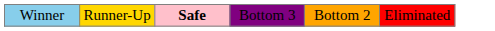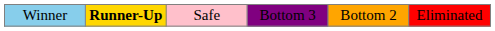 <table border="2" cellpadding="2" style="background:gray; border:1px solid gray; border-collapse:collapse; margin:0 1em 1em 0; text-align:center">
 <tr>
 </tr>
 <tr>
 <td style="background:skyblue;" width="16%">Winner</td>
-<td style="background:gold;" width="16%">Runner-Up</td>
-<td style="background:pink;" width="16%"><strong>Safe</strong></td>
+<td style="background:gold;" width="16%"><strong>Runner-Up</strong></td>
+<td style="background:pink;" width="16%">Safe</td>
 <td style="background:purple;" width="16%"><span>Bottom 3</span></td>
 <td style="background:orange;" width="16%">Bottom 2</td>
 <td style="background:red;" width="16%"><span>Eliminated</span></td>
 </tr>
 </table>
